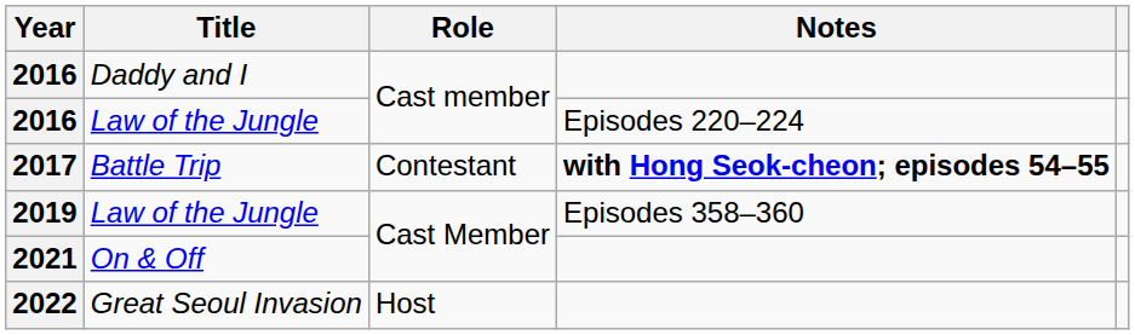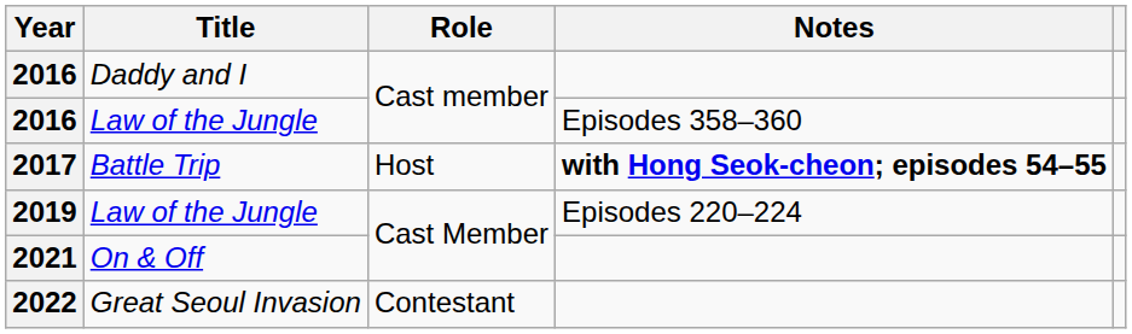 <table class="wikitable plainrowheaders sortable">
 <tr>
 <th scope="col">Year</th>
 <th scope="col">Title</th>
 <th scope="col">Role</th>
 <th scope="col" class="unsortable">Notes</th>
 <th scope="col" class="unsortable"></th>
 </tr>
 <tr>
 <th scope="row">2016</th>
 <td><em>Daddy and I</em></td>
 <td rowspan="2">Cast member</td>
 <td></td>
 <td style="text-align:center"></td>
 </tr>
 <tr>
 <th scope="row">2016</th>
 <td><em><a href='#'>Law of the Jungle</a></em></td>
-<td>Episodes 220–224</td>
+<td>Episodes 358–360</td>
 <td style="text-align:center"></td>
 </tr>
 <tr>
 <th scope="row">2017</th>
 <td><em><a href='#'>Battle Trip</a></em></td>
-<td>Contestant</td>
+<td>Host</td>
 <td><strong>with <a href='#'>Hong Seok-cheon</a>; episodes 54–55</strong></td>
 <td style="text-align:center"></td>
 </tr>
 <tr>
 <th scope="row">2019</th>
 <td><em><a href='#'>Law of the Jungle</a></em></td>
 <td rowspan="2">Cast Member</td>
-<td>Episodes 358–360</td>
+<td>Episodes 220–224</td>
 <td style="text-align:center"></td>
 </tr>
 <tr>
 <th scope="row">2021</th>
 <td><em><a href='#'>On & Off</a></em></td>
 <td></td>
 <td style="text-align:center"></td>
 </tr>
 <tr>
 <th scope="row">2022</th>
 <td><em>Great Seoul Invasion</em></td>
-<td>Host</td>
+<td>Contestant</td>
 <td></td>
 <td style="text-align:center"></td>
 </tr>
 </table>
